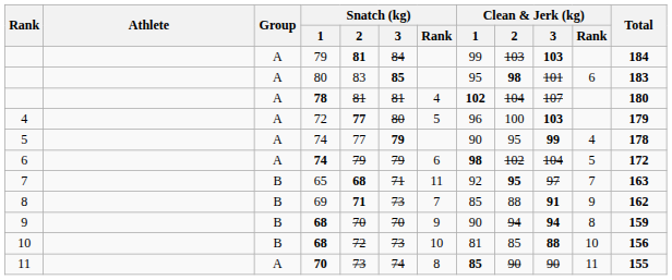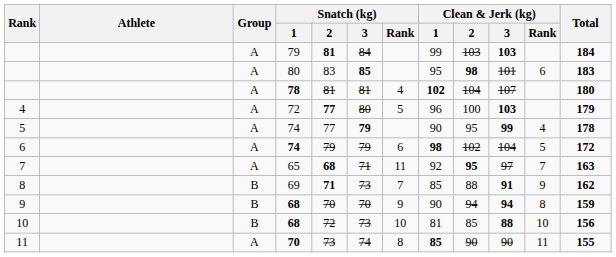 <table class = "wikitable" style="text-align:center;">
 <tr>
 <th rowspan=2 width=40>Rank</th>
 <th rowspan=2 width=250>Athlete</th>
 <th rowspan=2 width=50>Group</th>
 <th colspan=4>Snatch (kg)</th>
 <th colspan=4>Clean & Jerk (kg)</th>
 <th rowspan=2 width=60>Total</th>
 </tr>
 <tr>
 <th width=40>1</th>
 <th width=40>2</th>
 <th width=40>3</th>
 <th width=40>Rank</th>
 <th width=40>1</th>
 <th width=40>2</th>
 <th width=40>3</th>
 <th width=40>Rank</th>
 </tr>
 <tr>
 <td></td>
 <td align=left></td>
 <td>A</td>
 <td>79</td>
 <td><strong>81</strong></td>
 <td><s>84</s></td>
 <td></td>
 <td>99</td>
 <td><s>103</s></td>
 <td><strong>103</strong></td>
 <td></td>
 <td><strong>184</strong></td>
 </tr>
 <tr>
 <td></td>
 <td align=left></td>
 <td>A</td>
 <td>80</td>
 <td>83</td>
 <td><strong>85</strong></td>
 <td></td>
 <td>95</td>
 <td><strong>98</strong></td>
 <td><s>101</s></td>
 <td>6</td>
 <td><strong>183</strong></td>
 </tr>
 <tr>
 <td></td>
 <td align=left></td>
 <td>A</td>
 <td><strong>78</strong></td>
 <td><s>81</s></td>
 <td><s>81</s></td>
 <td>4</td>
 <td><strong>102</strong></td>
 <td><s>104</s></td>
 <td><s>107</s></td>
 <td></td>
 <td><strong>180</strong></td>
 </tr>
 <tr>
 <td>4</td>
 <td align=left></td>
 <td>A</td>
 <td>72</td>
 <td><strong>77</strong></td>
 <td><s>80</s></td>
 <td>5</td>
 <td>96</td>
 <td>100</td>
 <td><strong>103</strong></td>
 <td></td>
 <td><strong>179</strong></td>
 </tr>
 <tr>
 <td>5</td>
 <td align=left></td>
 <td>A</td>
 <td>74</td>
 <td>77</td>
 <td><strong>79</strong></td>
 <td></td>
 <td>90</td>
 <td>95</td>
 <td><strong>99</strong></td>
 <td>4</td>
 <td><strong>178</strong></td>
 </tr>
 <tr>
 <td>6</td>
 <td align=left></td>
 <td>A</td>
 <td><strong>74</strong></td>
 <td><s>79</s></td>
 <td><s>79</s></td>
 <td>6</td>
 <td><strong>98</strong></td>
 <td><s>102</s></td>
 <td><s>104</s></td>
 <td>5</td>
 <td><strong>172</strong></td>
 </tr>
 <tr>
 <td>7</td>
 <td align=left></td>
-<td>B</td>
+<td>A</td>
 <td>65</td>
 <td><strong>68</strong></td>
 <td><s>71</s></td>
 <td>11</td>
 <td>92</td>
 <td><strong>95</strong></td>
 <td><s>97</s></td>
 <td>7</td>
 <td><strong>163</strong></td>
 </tr>
 <tr>
 <td>8</td>
 <td align=left></td>
 <td>B</td>
 <td>69</td>
 <td><strong>71</strong></td>
 <td><s>73</s></td>
 <td>7</td>
 <td>85</td>
 <td>88</td>
 <td><strong>91</strong></td>
 <td>9</td>
 <td><strong>162</strong></td>
 </tr>
 <tr>
 <td>9</td>
 <td align=left></td>
 <td>B</td>
 <td><strong>68</strong></td>
 <td><s>70</s></td>
 <td><s>70</s></td>
 <td>9</td>
 <td>90</td>
 <td><s>94</s></td>
 <td><strong>94</strong></td>
 <td>8</td>
 <td><strong>159</strong></td>
 </tr>
 <tr>
 <td>10</td>
 <td align=left></td>
 <td>B</td>
 <td><strong>68</strong></td>
 <td><s>72</s></td>
 <td><s>73</s></td>
 <td>10</td>
 <td>81</td>
 <td>85</td>
 <td><strong>88</strong></td>
 <td>10</td>
 <td><strong>156</strong></td>
 </tr>
 <tr>
 <td>11</td>
 <td align=left></td>
 <td>A</td>
 <td><strong>70</strong></td>
 <td><s>73</s></td>
 <td><s>74</s></td>
 <td>8</td>
 <td><strong>85</strong></td>
 <td><s>90</s></td>
 <td><s>90</s></td>
 <td>11</td>
 <td><strong>155</strong></td>
 </tr>
 </table>
